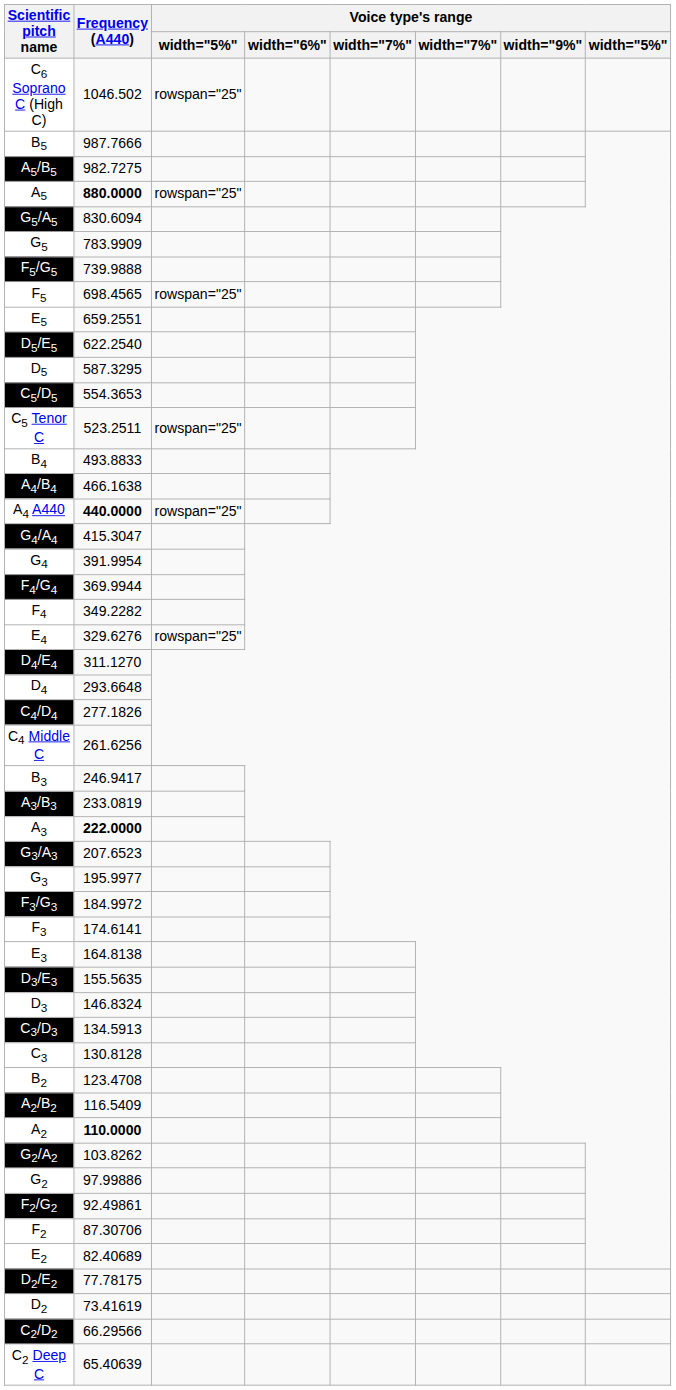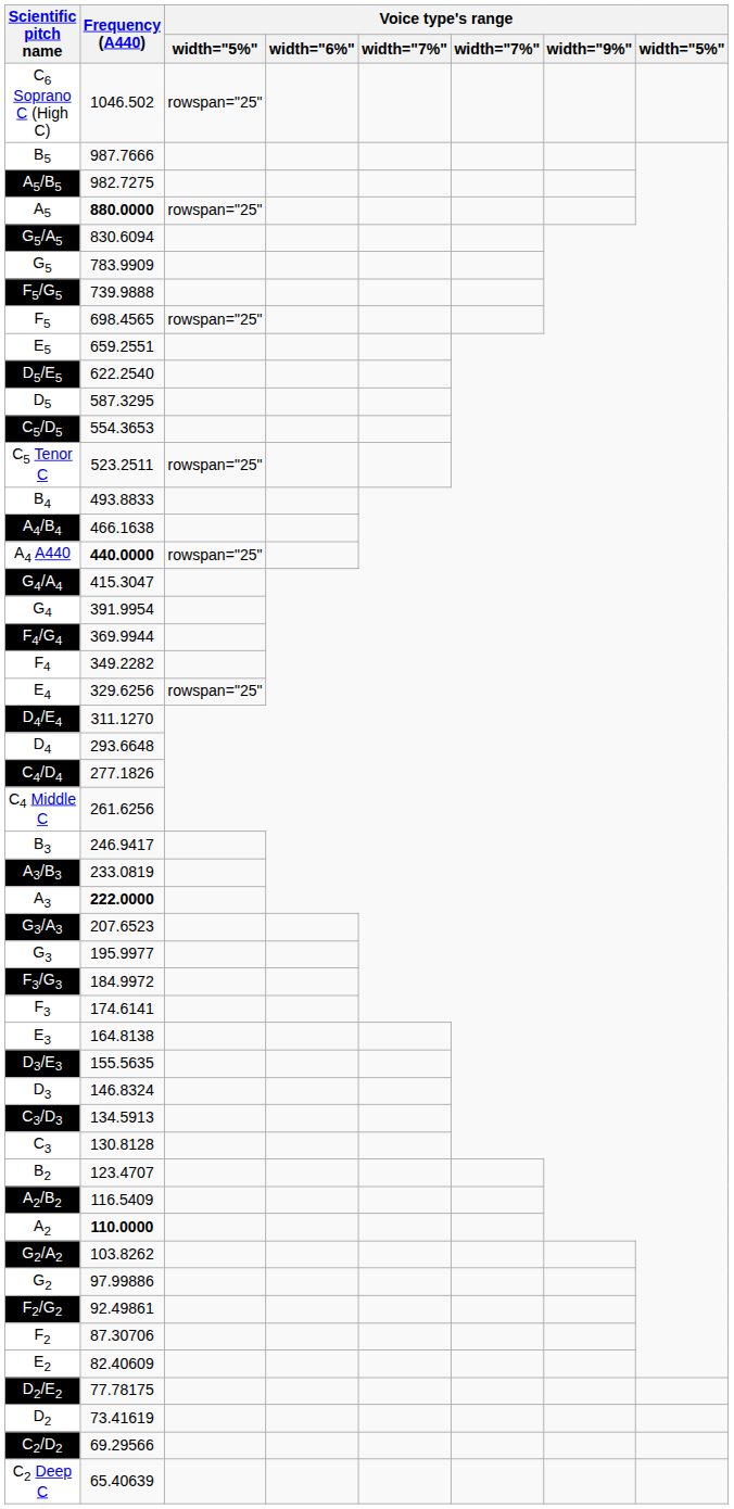 <table class="wikitable sortable" style="text-align:center;">
 <tr>
 <th rowspan="2" width="30px"><a href='#'>Scientific pitch</a> name</th>
 <th rowspan="2" width="30px"><a href='#'>Frequency</a> (<a href='#'>A440</a>)</th>
 <th colspan="6">Voice type's range</th>
 </tr>
 <tr ->
 <th>width="5%" </th>
 <th>width="6%" </th>
 <th>width="7%" </th>
 <th>width="7%" </th>
 <th>width="9%" </th>
 <th>width="5%" </th>
 </tr>
 <tr>
 <td bgcolor="white" style="color:black">C<sub>6</sub> <a href='#'>Soprano C</a> (High C)</td>
 <td>1046.502</td>
 <td>rowspan="25" </td>
 <td></td>
 <td></td>
 <td></td>
 <td></td>
 <td></td>
 </tr>
 <tr>
 <td bgcolor="white" style="color:black">B<sub>5</sub></td>
 <td>987.7666</td>
 <td></td>
 <td></td>
 <td></td>
 <td></td>
 <td></td>
 </tr>
 <tr>
 <td bgcolor="black" style="color:white">A<sub>5</sub>/B<sub>5</sub></td>
 <td>982.7275</td>
 <td></td>
 <td></td>
 <td></td>
 <td></td>
 <td></td>
 </tr>
 <tr>
 <td bgcolor="white" style="color:black">A<sub>5</sub></td>
 <td><strong>880.0000</strong></td>
 <td>rowspan="25" </td>
 <td></td>
 <td></td>
 <td></td>
 <td></td>
 </tr>
 <tr>
 <td bgcolor="black" style="color:white">G<sub>5</sub>/A<sub>5</sub></td>
 <td>830.6094</td>
 <td></td>
 <td></td>
 <td></td>
 <td></td>
 </tr>
 <tr>
 <td bgcolor="white" style="color:black">G<sub>5</sub></td>
 <td>783.9909</td>
 <td></td>
 <td></td>
 <td></td>
 <td></td>
 </tr>
 <tr>
 <td bgcolor="black" style="color:white">F<sub>5</sub>/G<sub>5</sub></td>
 <td>739.9888</td>
 <td></td>
 <td></td>
 <td></td>
 <td></td>
 </tr>
 <tr>
 <td bgcolor="white" style="color:black">F<sub>5</sub></td>
 <td>698.4565</td>
 <td>rowspan="25" </td>
 <td></td>
 <td></td>
 <td></td>
 </tr>
 <tr>
 <td bgcolor="white" style="color:black">E<sub>5</sub></td>
 <td>659.2551</td>
 <td></td>
 <td></td>
 <td></td>
 </tr>
 <tr>
 <td bgcolor="black" style="color:white">D<sub>5</sub>/E<sub>5</sub></td>
 <td>622.2540</td>
 <td></td>
 <td></td>
 <td></td>
 </tr>
 <tr>
 <td bgcolor="white" style="color:black">D<sub>5</sub></td>
 <td>587.3295</td>
 <td></td>
 <td></td>
 <td></td>
 </tr>
 <tr>
 <td bgcolor="black" style="color:white">C<sub>5</sub>/D<sub>5</sub></td>
 <td>554.3653</td>
 <td></td>
 <td></td>
 <td></td>
 </tr>
 <tr>
 <td bgcolor="white" style="color:black">C<sub>5</sub> <a href='#'>Tenor C</a></td>
 <td>523.2511</td>
 <td>rowspan="25" </td>
 <td></td>
 <td></td>
 </tr>
 <tr>
 <td bgcolor="white" style="color:black">B<sub>4</sub></td>
 <td>493.8833</td>
 <td></td>
 <td></td>
 </tr>
 <tr>
 <td bgcolor="black" style="color:white">A<sub>4</sub>/B<sub>4</sub></td>
 <td>466.1638</td>
 <td></td>
 <td></td>
 </tr>
 <tr>
 <td bgcolor="white" style="color:black">A<sub>4</sub> <a href='#'> A440</a></td>
 <td><strong>440.0000</strong></td>
 <td>rowspan="25" </td>
 <td></td>
 </tr>
 <tr>
 <td bgcolor="black" style="color:white">G<sub>4</sub>/A<sub>4</sub></td>
 <td>415.3047</td>
 <td></td>
 </tr>
 <tr>
 <td bgcolor="white" style="color:black">G<sub>4</sub></td>
 <td>391.9954</td>
 <td></td>
 </tr>
 <tr>
 <td bgcolor="black" style="color:white">F<sub>4</sub>/G<sub>4</sub></td>
 <td>369.9944</td>
 <td></td>
 </tr>
 <tr>
 <td bgcolor="white" style="color:black">F<sub>4</sub></td>
 <td>349.2282</td>
 <td></td>
 </tr>
 <tr>
 <td bgcolor="white" style="color:black">E<sub>4</sub></td>
-<td>329.6276</td>
+<td>329.6256</td>
 <td>rowspan="25" </td>
 </tr>
 <tr>
 <td bgcolor="black" style="color:white">D<sub>4</sub>/E<sub>4</sub></td>
 <td>311.1270</td>
 </tr>
 <tr>
 <td bgcolor="white" style="color:black">D<sub>4</sub></td>
 <td>293.6648</td>
 </tr>
 <tr>
 <td bgcolor="black" style="color:white">C<sub>4</sub>/D<sub>4</sub></td>
 <td>277.1826</td>
 </tr>
 <tr>
 <td bgcolor="white" style="color:black">C<sub>4</sub> <a href='#'>Middle C</a></td>
 <td>261.6256</td>
 </tr>
 <tr>
 <td bgcolor="white" style="color:black">B<sub>3</sub></td>
 <td>246.9417</td>
 <td></td>
 </tr>
 <tr>
 <td bgcolor="black" style="color:white">A<sub>3</sub>/B<sub>3</sub></td>
 <td>233.0819</td>
 <td></td>
 </tr>
 <tr>
 <td bgcolor="white" style="color:black">A<sub>3</sub></td>
 <td><strong>222.0000</strong></td>
 <td></td>
 </tr>
 <tr>
 <td bgcolor="black" style="color:white">G<sub>3</sub>/A<sub>3</sub></td>
 <td>207.6523</td>
 <td></td>
 <td></td>
 </tr>
 <tr>
 <td bgcolor="white" style="color:black">G<sub>3</sub></td>
 <td>195.9977</td>
 <td></td>
 <td></td>
 </tr>
 <tr>
 <td bgcolor="black" style="color:white">F<sub>3</sub>/G<sub>3</sub></td>
 <td>184.9972</td>
 <td></td>
 <td></td>
 </tr>
 <tr>
 <td bgcolor="white" style="color:black">F<sub>3</sub></td>
 <td>174.6141</td>
 <td></td>
 <td></td>
 </tr>
 <tr>
 <td bgcolor="white" style="color:black">E<sub>3</sub></td>
 <td>164.8138</td>
 <td></td>
 <td></td>
 <td></td>
 </tr>
 <tr>
 <td bgcolor="black" style="color:white">D<sub>3</sub>/E<sub>3</sub></td>
 <td>155.5635</td>
 <td></td>
 <td></td>
 <td></td>
 </tr>
 <tr>
 <td bgcolor="white" style="color:black">D<sub>3</sub></td>
 <td>146.8324</td>
 <td></td>
 <td></td>
 <td></td>
 </tr>
 <tr>
 <td bgcolor="black" style="color:white">C<sub>3</sub>/D<sub>3</sub></td>
 <td>134.5913</td>
 <td></td>
 <td></td>
 <td></td>
 </tr>
 <tr>
 <td bgcolor="white" style="color:black">C<sub>3</sub></td>
 <td>130.8128</td>
 <td></td>
 <td></td>
 <td></td>
 </tr>
 <tr>
 <td bgcolor="white" style="color:black">B<sub>2</sub></td>
-<td>123.4708</td>
+<td>123.4707</td>
 <td></td>
 <td></td>
 <td></td>
 <td></td>
 </tr>
 <tr>
 <td bgcolor="black" style="color:white">A<sub>2</sub>/B<sub>2</sub></td>
 <td>116.5409</td>
 <td></td>
 <td></td>
 <td></td>
 <td></td>
 </tr>
 <tr>
 <td bgcolor="white" style="color:black">A<sub>2</sub></td>
 <td><strong>110.0000</strong></td>
 <td></td>
 <td></td>
 <td></td>
 <td></td>
 </tr>
 <tr>
 <td bgcolor="black" style="color:white">G<sub>2</sub>/A<sub>2</sub></td>
 <td>103.8262</td>
 <td></td>
 <td></td>
 <td></td>
 <td></td>
 <td></td>
 </tr>
 <tr>
 <td bgcolor="white" style="color:black">G<sub>2</sub></td>
 <td>97.99886</td>
 <td></td>
 <td></td>
 <td></td>
 <td></td>
 <td></td>
 </tr>
 <tr>
 <td bgcolor="black" style="color:white">F<sub>2</sub>/G<sub>2</sub></td>
 <td>92.49861</td>
 <td></td>
 <td></td>
 <td></td>
 <td></td>
 <td></td>
 </tr>
 <tr>
 <td bgcolor="white" style="color:black">F<sub>2</sub></td>
 <td>87.30706</td>
 <td></td>
 <td></td>
 <td></td>
 <td></td>
 <td></td>
 </tr>
 <tr>
 <td bgcolor="white" style="color:black">E<sub>2</sub></td>
-<td>82.40689</td>
+<td>82.40609</td>
 <td></td>
 <td></td>
 <td></td>
 <td></td>
 <td></td>
 </tr>
 <tr>
 <td bgcolor="black" style="color:white">D<sub>2</sub>/E<sub>2</sub></td>
 <td>77.78175</td>
 <td></td>
 <td></td>
 <td></td>
 <td></td>
 <td></td>
 <td></td>
 </tr>
 <tr>
 <td bgcolor="white" style="color:black">D<sub>2</sub></td>
 <td>73.41619</td>
 <td></td>
 <td></td>
 <td></td>
 <td></td>
 <td></td>
 <td></td>
 </tr>
 <tr>
 <td bgcolor="black" style="color:white">C<sub>2</sub>/D<sub>2</sub></td>
-<td>66.29566</td>
+<td>69.29566</td>
 <td></td>
 <td></td>
 <td></td>
 <td></td>
 <td></td>
 <td></td>
 </tr>
 <tr>
 <td bgcolor="white" style="color:black">C<sub>2</sub> <a href='#'>Deep C</a></td>
 <td>65.40639</td>
 <td></td>
 <td></td>
 <td></td>
 <td></td>
 <td></td>
 <td></td>
 </tr>
 </table>
